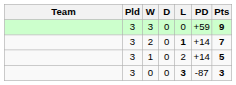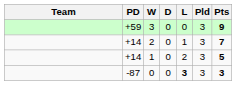 <table class="wikitable" style="text-align:center;">
 <tr>
 <th width="190">Team</th>
-<th width="20" abbr="Played">Pld</th>
+<th width="25" abbr="Points difference">PD</th>
 <th width="20" abbr="Won">W</th>
 <th width="20" abbr="Drawn">D</th>
 <th width="20" abbr="Lost">L</th>
-<th width="25" abbr="Points difference">PD</th>
+<th width="20" abbr="Played">Pld</th>
 <th width="20" abbr="Points">Pts</th>
 </tr>
 <tr style="background:#ccffcc">
 <td align="left"></td>
-<td>3</td>
+<td>+59</td>
 <td>3</td>
 <td>0</td>
 <td>0</td>
-<td>+59</td>
+<td>3</td>
 <td><strong>9</strong></td>
 </tr>
 <tr>
 <td align="left"></td>
-<td>3</td>
+<td>+14</td>
 <td>2</td>
 <td>0</td>
-<td><strong>1</strong></td>
-<td>+14</td>
+<td>1</td>
+<td>3</td>
 <td><strong>7</strong></td>
 </tr>
 <tr>
 <td align="left"></td>
-<td>3</td>
+<td>+14</td>
 <td>1</td>
 <td>0</td>
 <td>2</td>
-<td>+14</td>
+<td>3</td>
 <td><strong>5</strong></td>
 </tr>
 <tr>
 <td align="left"></td>
-<td>3</td>
+<td>-87</td>
 <td>0</td>
 <td>0</td>
 <td><strong>3</strong></td>
-<td>-87</td>
+<td>3</td>
 <td><strong>3</strong></td>
 </tr>
 </table>
